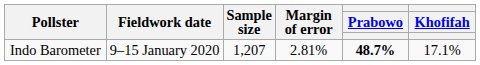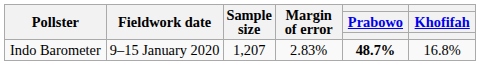 <table class="wikitable" style="text-align:center; font-size:90%; line-height:14px;">
 <tr bgcolor=lightgray>
 <th style="width:95px;" rowspan="3">Pollster</th>
 <th style="width:110px;" rowspan="3">Fieldwork date</th>
 <th style="width:35px;" rowspan="3">Sample size</th>
 <th rowspan="3" style="width:60px;">Margin of error</th>
 <th style="width:60px;"></th>
 <th style="width:60px;"></th>
 </tr>
 <tr>
 <th><a href='#'>Prabowo</a> <br></th>
 <th><a href='#'>Khofifah</a> <br></th>
 </tr>
 <tr>
 <th class="unsortable" style="color:inherit;background:"></th>
 <th class="unsortable" style="color:inherit;background:"></th>
 </tr>
 <tr>
 <td>Indo Barometer</td>
 <td>9–15 January 2020</td>
 <td>1,207</td>
-<td>2.81%</td>
+<td>2.83%</td>
 <td style="background-color:#"><strong>48.7%</strong></td>
-<td>17.1%</td>
+<td>16.8%</td>
 </tr>
 <tr>
 </tr>
 </table>
